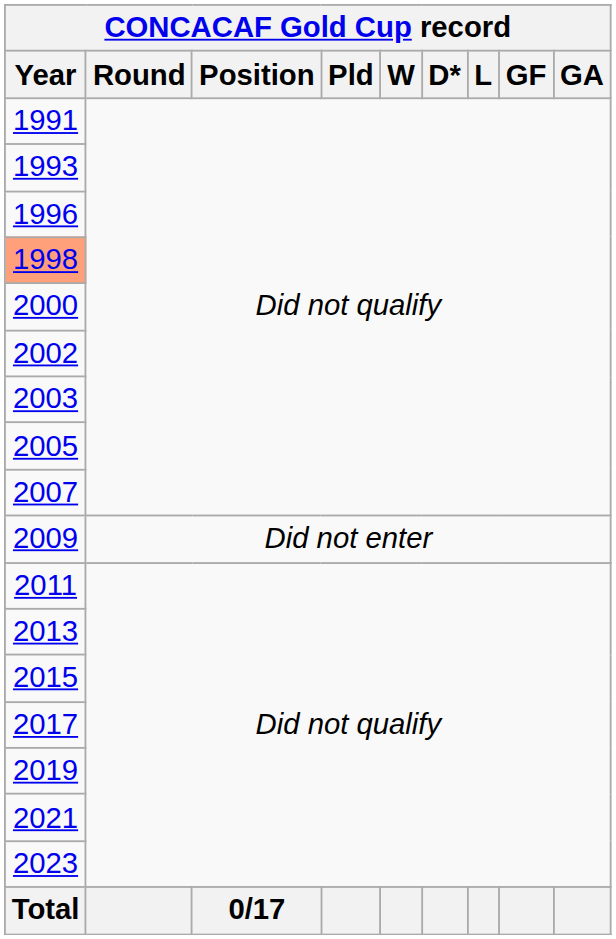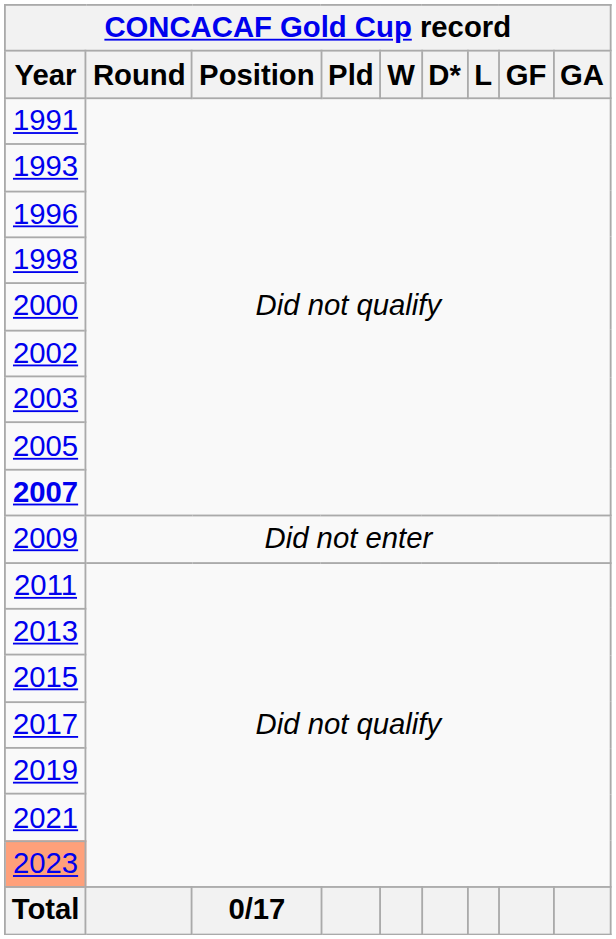 <table class="wikitable" style="text-align: center;">
 <tr>
 <th colspan=10><a href='#'>CONCACAF Gold Cup</a> record</th>
 </tr>
 <tr>
 <th>Year</th>
 <th>Round</th>
 <th>Position</th>
 <th>Pld</th>
 <th>W</th>
 <th>D*</th>
 <th>L</th>
 <th>GF</th>
 <th>GA</th>
 </tr>
 <tr>
 <td> <a href='#'>1991</a></td>
 <td colspan=8 rowspan=9><em>Did not qualify</em></td>
 </tr>
 <tr>
 <td>  <a href='#'>1993</a></td>
 </tr>
 <tr>
 <td> <a href='#'>1996</a></td>
 </tr>
 <tr>
-<td style="background: lightsalmon;"> <a href='#'>1998</a></td>
+<td> <a href='#'>1998</a></td>
 </tr>
 <tr>
 <td> <a href='#'>2000</a></td>
 </tr>
 <tr>
 <td> <a href='#'>2002</a></td>
 </tr>
 <tr>
 <td>  <a href='#'>2003</a></td>
 </tr>
 <tr>
 <td> <a href='#'>2005</a></td>
 </tr>
 <tr>
-<td> <a href='#'>2007</a></td>
+<td><strong> <a href='#'>2007</a></strong></td>
 </tr>
 <tr>
 <td> <a href='#'>2009</a></td>
 <td colspan=8><em>Did not enter</em></td>
 </tr>
 <tr>
 <td> <a href='#'>2011</a></td>
 <td colspan=8 rowspan=7><em>Did not qualify</em></td>
 </tr>
 <tr>
 <td> <a href='#'>2013</a></td>
 </tr>
 <tr>
 <td>  <a href='#'>2015</a></td>
 </tr>
 <tr>
 <td> <a href='#'>2017</a></td>
 </tr>
 <tr>
 <td>   <a href='#'>2019</a></td>
 </tr>
 <tr>
 <td> <a href='#'>2021</a></td>
 </tr>
 <tr>
-<td>  <a href='#'>2023</a></td>
+<td style="background: lightsalmon;">  <a href='#'>2023</a></td>
 </tr>
 <tr>
 <th>Total</th>
 <th></th>
 <th>0/17</th>
 <th></th>
 <th></th>
 <th></th>
 <th></th>
 <th></th>
 <th></th>
 </tr>
 </table>
